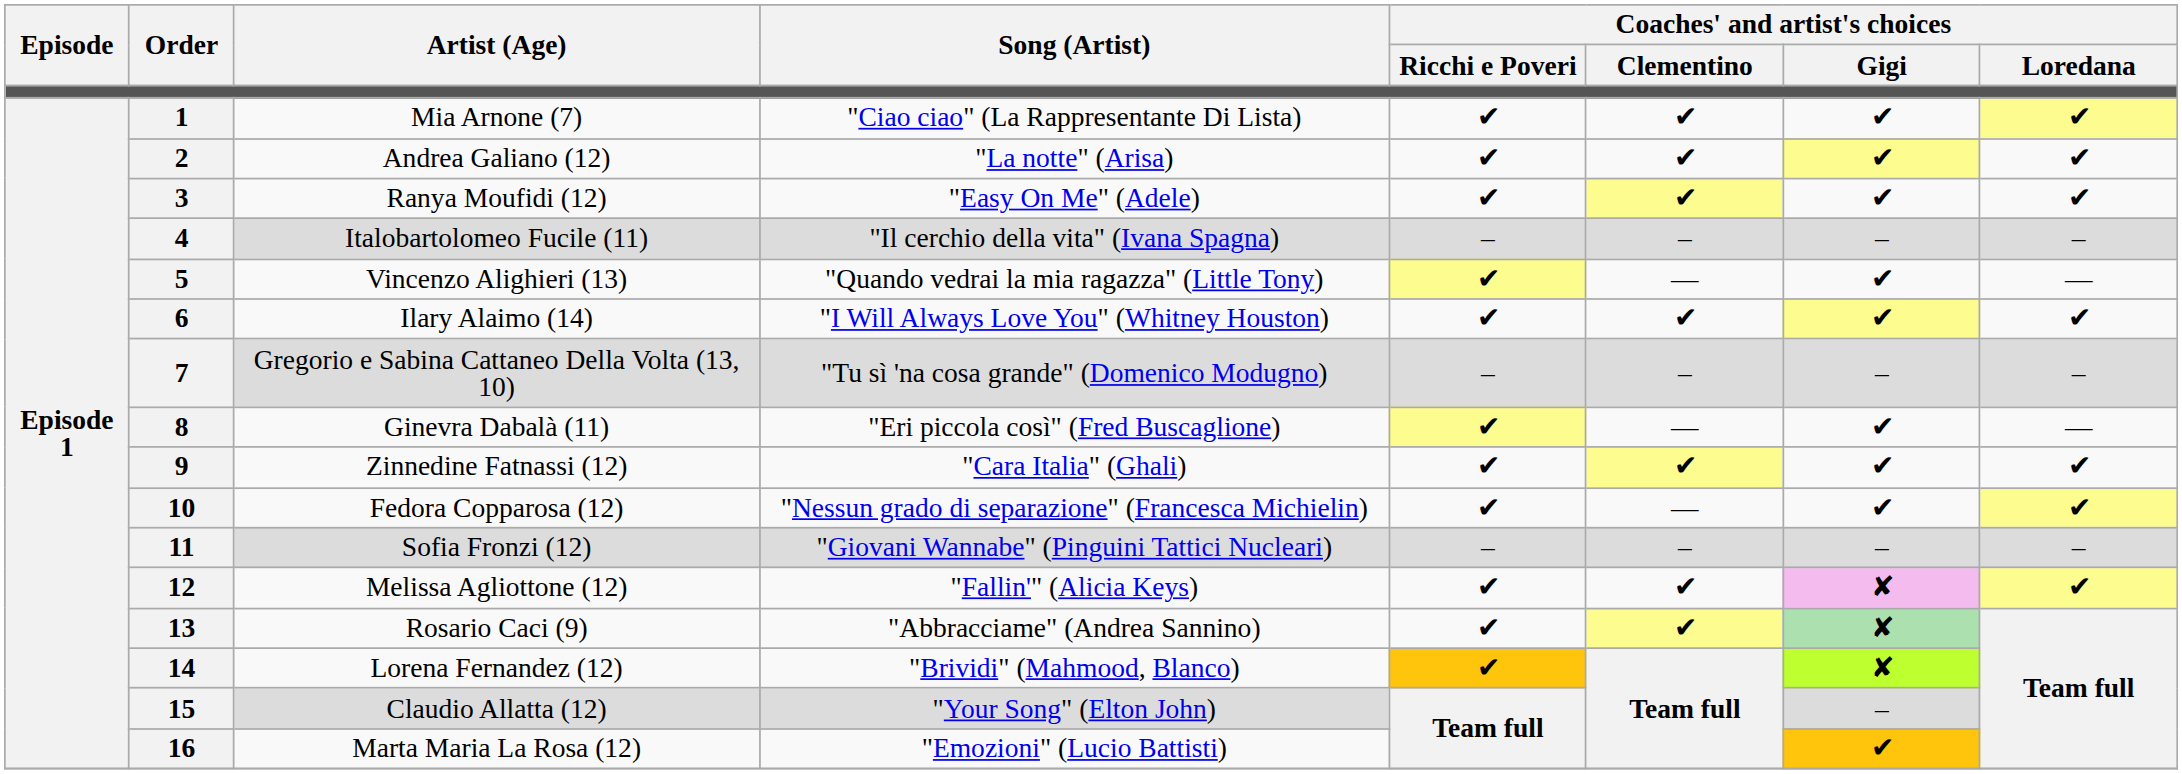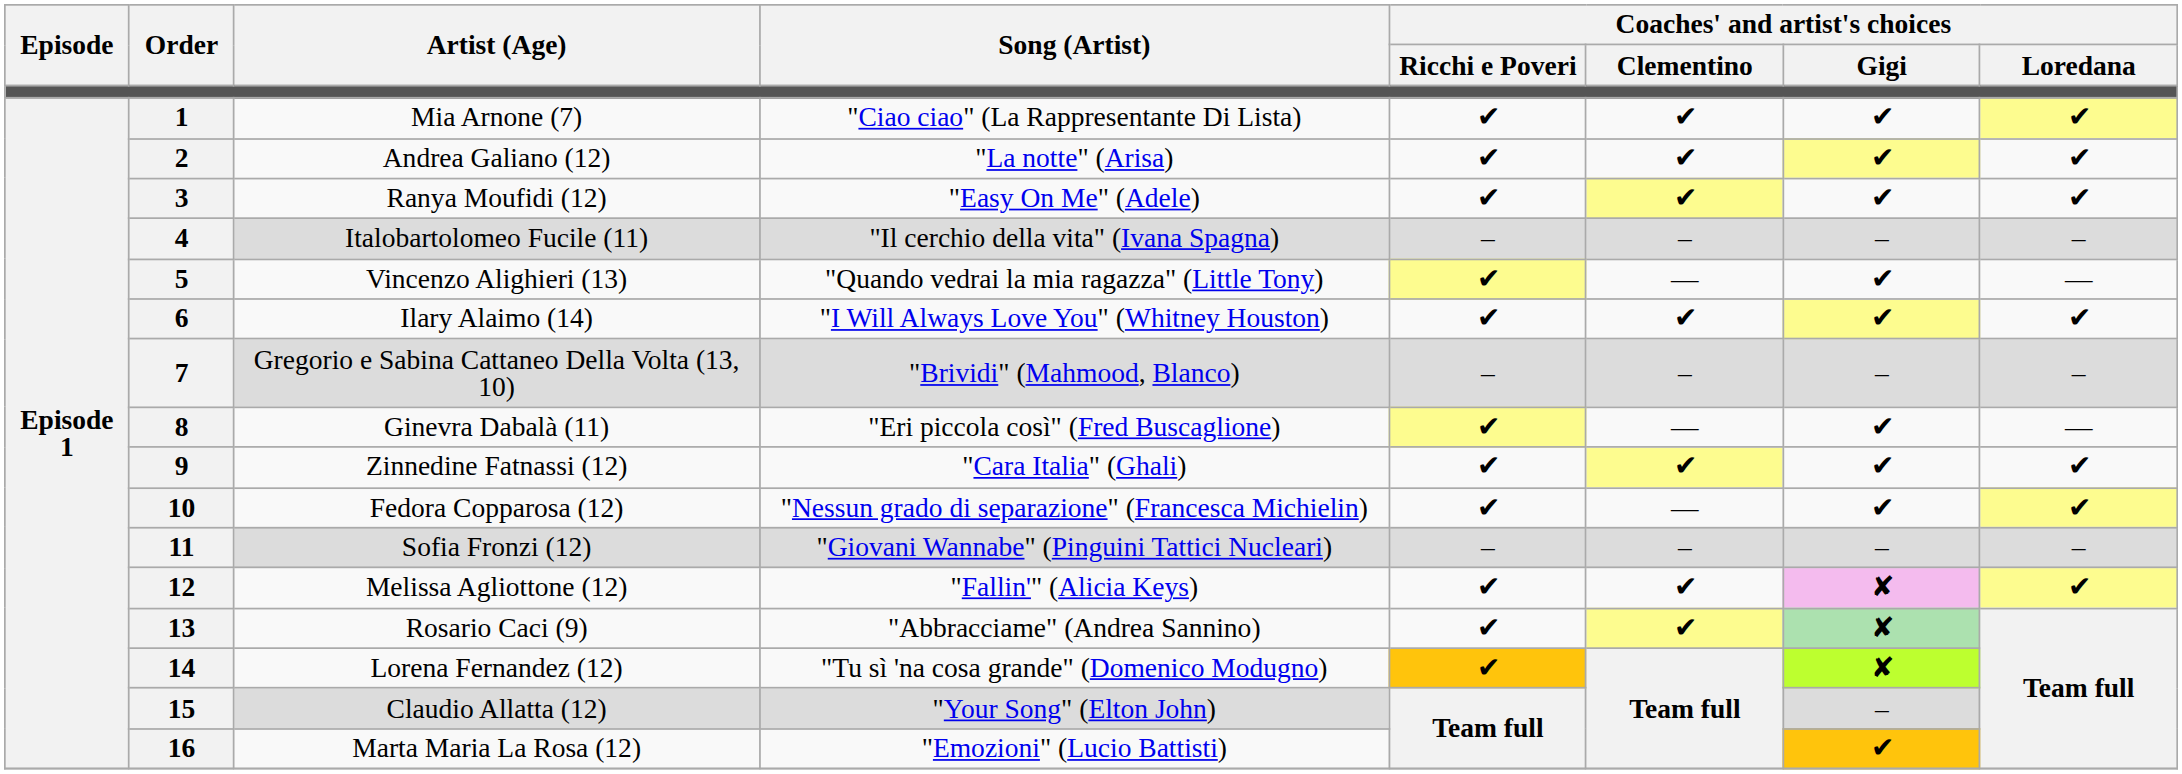 <table class="wikitable" style="text-align:center; line-height:16px; width:100%">
 <tr>
 <th rowspan="2" scope="col" style="width:04%">Episode</th>
 <th rowspan="2" scope="col" style="width:04%">Order</th>
 <th rowspan="2" scope="col" style="width:20%">Artist (Age)</th>
 <th rowspan="2" scope="col" style="width:24%">Song (Artist)</th>
 <th colspan="4" scope="col" style="width:24%">Coaches' and artist's choices</th>
 </tr>
 <tr>
 <th style="width:7.5%">Ricchi e Poveri</th>
 <th style="width:7.5%">Clementino</th>
 <th style="width:7.5%">Gigi</th>
 <th style="width:7.5%">Loredana</th>
 </tr>
 <tr>
 <td colspan="8" style="background:#555"></td>
 </tr>
 <tr>
 <th rowspan="16">Episode 1<br></th>
 <th>1</th>
 <td>Mia Arnone (7)</td>
 <td>"<a href='#'>Ciao ciao</a>" (La Rappresentante Di Lista)</td>
 <td>✔</td>
 <td>✔</td>
 <td>✔</td>
 <td style="background:#fdfc8f">✔</td>
 </tr>
 <tr>
 <th>2</th>
 <td>Andrea Galiano (12)</td>
 <td>"<a href='#'>La notte</a>" (<a href='#'>Arisa</a>)</td>
 <td>✔</td>
 <td>✔</td>
 <td style="background:#fdfc8f">✔</td>
 <td>✔</td>
 </tr>
 <tr>
 <th>3</th>
 <td>Ranya Moufidi (12)</td>
 <td>"<a href='#'>Easy On Me</a>" (<a href='#'>Adele</a>)</td>
 <td>✔</td>
 <td style="background:#fdfc8f">✔</td>
 <td>✔</td>
 <td>✔</td>
 </tr>
 <tr bgcolor=DCDCDC>
 <th>4</th>
 <td>Italobartolomeo Fucile (11)</td>
 <td>"Il cerchio della vita" (<a href='#'>Ivana Spagna</a>)</td>
 <td>–</td>
 <td>–</td>
 <td>–</td>
 <td>–</td>
 </tr>
 <tr>
 <th>5</th>
 <td>Vincenzo Alighieri (13)</td>
 <td>"Quando vedrai la mia ragazza" (<a href='#'>Little Tony</a>)</td>
 <td style="background:#fdfc8f">✔</td>
 <td>—</td>
 <td>✔</td>
 <td>—</td>
 </tr>
 <tr>
 <th>6</th>
 <td>Ilary Alaimo (14)</td>
 <td>"<a href='#'>I Will Always Love You</a>" (<a href='#'>Whitney Houston</a>)</td>
 <td>✔</td>
 <td>✔</td>
 <td style="background:#fdfc8f">✔</td>
 <td>✔</td>
 </tr>
 <tr bgcolor=DCDCDC>
 <th>7</th>
 <td>Gregorio e Sabina Cattaneo Della Volta (13, 10)</td>
-<td>"Tu sì 'na cosa grande" (<a href='#'>Domenico Modugno</a>)</td>
+<td>"<a href='#'>Brividi</a>" (<a href='#'>Mahmood</a>, <a href='#'>Blanco</a>)</td>
 <td>–</td>
 <td>–</td>
 <td>–</td>
 <td>–</td>
 </tr>
 <tr>
 <th>8</th>
 <td>Ginevra Dabalà (11)</td>
 <td>"Eri piccola così" (<a href='#'>Fred Buscaglione</a>)</td>
 <td style="background:#fdfc8f">✔</td>
 <td>—</td>
 <td>✔</td>
 <td>—</td>
 </tr>
 <tr>
 <th>9</th>
 <td>Zinnedine Fatnassi (12)</td>
 <td>"<a href='#'>Cara Italia</a>" (<a href='#'>Ghali</a>)</td>
 <td>✔</td>
 <td style="background:#fdfc8f">✔</td>
 <td>✔</td>
 <td>✔</td>
 </tr>
 <tr>
 <th>10</th>
 <td>Fedora Copparosa (12)</td>
 <td>"<a href='#'>Nessun grado di separazione</a>" (<a href='#'>Francesca Michielin</a>)</td>
 <td>✔</td>
 <td>—</td>
 <td>✔</td>
 <td style="background:#fdfc8f">✔</td>
 </tr>
 <tr bgcolor=DCDCDC>
 <th>11</th>
 <td>Sofia Fronzi (12)</td>
 <td>"<a href='#'>Giovani Wannabe</a>" (<a href='#'>Pinguini Tattici Nucleari</a>)</td>
 <td>–</td>
 <td>–</td>
 <td>–</td>
 <td>–</td>
 </tr>
 <tr>
 <th>12</th>
 <td>Melissa Agliottone (12)</td>
 <td>"<a href='#'>Fallin'</a>" (<a href='#'>Alicia Keys</a>)</td>
 <td>✔</td>
 <td>✔</td>
 <td style="background:#f4bbee">✘</td>
 <td style="background:#fdfc8f">✔</td>
 </tr>
 <tr>
 <th>13</th>
 <td>Rosario Caci (9)</td>
 <td>"Abbracciame" (Andrea Sannino)</td>
 <td>✔</td>
 <td style="background:#fdfc8f">✔</td>
 <td style="background:#ace1af">✘</td>
 <th rowspan=4>Team full</th>
 </tr>
 <tr>
 <th>14</th>
 <td>Lorena Fernandez (12)</td>
-<td>"<a href='#'>Brividi</a>" (<a href='#'>Mahmood</a>, <a href='#'>Blanco</a>)</td>
+<td>"Tu sì 'na cosa grande" (<a href='#'>Domenico Modugno</a>)</td>
 <td style="background:#ffc40c">✔</td>
 <th rowspan=3>Team full</th>
 <td style="background:#bdff2f">✘</td>
 </tr>
 <tr bgcolor=DCDCDC>
 <th>15</th>
 <td>Claudio Allatta (12)</td>
 <td>"<a href='#'>Your Song</a>" (<a href='#'>Elton John</a>)</td>
 <th rowspan=2>Team full</th>
 <td>–</td>
 </tr>
 <tr>
 <th>16</th>
 <td>Marta Maria La Rosa (12)</td>
 <td>"<a href='#'>Emozioni</a>" (<a href='#'>Lucio Battisti</a>)</td>
 <td style="background:#ffc40c">✔</td>
 </tr>
 <tr>
 </tr>
 </table>
